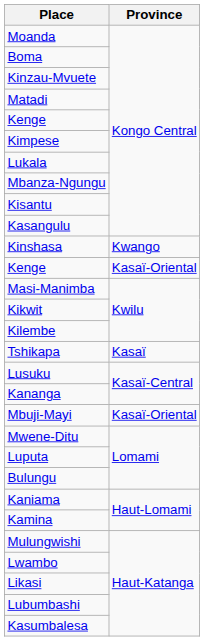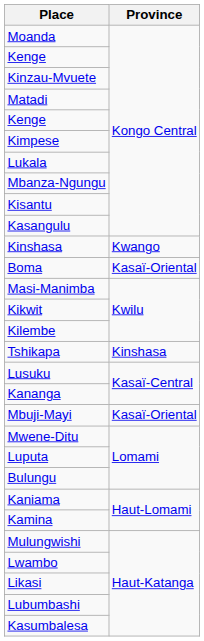 <table class="wikitable">
 <tr>
 <th>Place</th>
 <th>Province</th>
 </tr>
 <tr>
 <td><a href='#'>Moanda</a></td>
 <td rowspan=10><a href='#'>Kongo Central</a></td>
 </tr>
 <tr>
-<td><a href='#'>Boma</a></td>
+<td><a href='#'>Kenge</a></td>
 </tr>
 <tr>
 <td><a href='#'>Kinzau-Mvuete</a></td>
 </tr>
 <tr>
 <td><a href='#'>Matadi</a></td>
 </tr>
 <tr>
 <td><a href='#'>Kenge</a></td>
 </tr>
 <tr>
 <td><a href='#'>Kimpese</a></td>
 </tr>
 <tr>
 <td><a href='#'>Lukala</a></td>
 </tr>
 <tr>
 <td><a href='#'>Mbanza-Ngungu</a></td>
 </tr>
 <tr>
 <td><a href='#'>Kisantu</a></td>
 </tr>
 <tr>
 <td><a href='#'>Kasangulu</a></td>
 </tr>
 <tr>
 <td><a href='#'>Kinshasa</a></td>
 <td><a href='#'>Kwango</a></td>
 </tr>
 <tr>
-<td><a href='#'>Kenge</a></td>
+<td><a href='#'>Boma</a></td>
 <td><a href='#'>Kasaï-Oriental</a></td>
 </tr>
 <tr>
 <td><a href='#'>Masi-Manimba</a></td>
 <td rowspan=3><a href='#'>Kwilu</a></td>
 </tr>
 <tr>
 <td><a href='#'>Kikwit</a></td>
 </tr>
 <tr>
 <td><a href='#'>Kilembe</a></td>
 </tr>
 <tr>
 <td><a href='#'>Tshikapa</a></td>
-<td><a href='#'>Kasaï</a></td>
+<td><a href='#'>Kinshasa</a></td>
 </tr>
 <tr>
 <td><a href='#'>Lusuku</a></td>
 <td rowspan=2><a href='#'>Kasaï-Central</a></td>
 </tr>
 <tr>
 <td><a href='#'>Kananga</a></td>
 </tr>
 <tr>
 <td><a href='#'>Mbuji-Mayi</a></td>
 <td><a href='#'>Kasaï-Oriental</a></td>
 </tr>
 <tr>
 <td><a href='#'>Mwene-Ditu</a></td>
 <td rowspan=3><a href='#'>Lomami</a></td>
 </tr>
 <tr>
 <td><a href='#'>Luputa</a></td>
 </tr>
 <tr>
 <td><a href='#'>Bulungu</a></td>
 </tr>
 <tr>
 <td><a href='#'>Kaniama</a></td>
 <td rowspan=2><a href='#'>Haut-Lomami</a></td>
 </tr>
 <tr>
 <td><a href='#'>Kamina</a></td>
 </tr>
 <tr>
 <td><a href='#'>Mulungwishi</a></td>
 <td rowspan=5><a href='#'>Haut-Katanga</a></td>
 </tr>
 <tr>
 <td><a href='#'>Lwambo</a></td>
 </tr>
 <tr>
 <td><a href='#'>Likasi</a></td>
 </tr>
 <tr>
 <td><a href='#'>Lubumbashi</a></td>
 </tr>
 <tr>
 <td><a href='#'>Kasumbalesa</a></td>
 </tr>
 </table>
